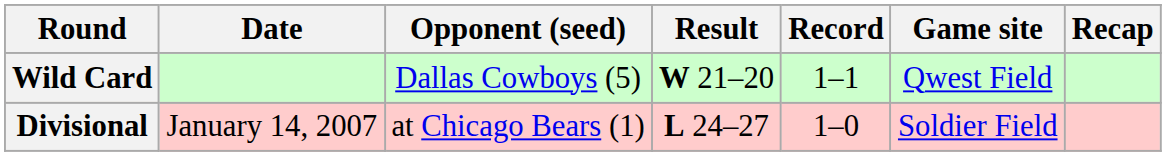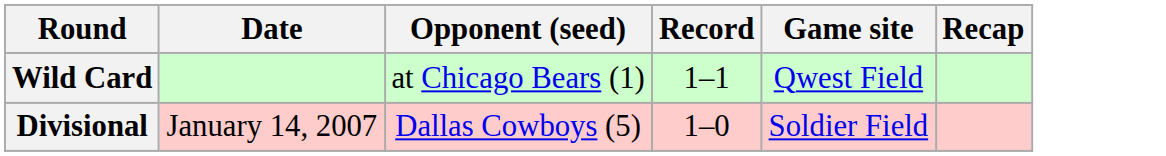 <table class="wikitable" style="text-align:center">
 <tr>
 <th>Round</th>
 <th>Date</th>
 <th>Opponent (seed)</th>
-<th>Result</th>
 <th>Record</th>
 <th>Game site</th>
 <th>Recap</th>
 </tr>
 <tr style="background:#cfc">
 <th>Wild Card</th>
 <td></td>
-<td><a href='#'>Dallas Cowboys</a> (5)</td>
-<td><strong>W</strong> 21–20</td>
+<td>at <a href='#'>Chicago Bears</a> (1)</td>
 <td>1–1</td>
 <td><a href='#'>Qwest Field</a></td>
 <td></td>
 </tr>
 <tr style="background:#fcc">
 <th>Divisional</th>
 <td>January 14, 2007</td>
-<td>at <a href='#'>Chicago Bears</a> (1)</td>
-<td><strong>L</strong> 24–27 </td>
+<td><a href='#'>Dallas Cowboys</a> (5)</td>
 <td>1–0</td>
 <td><a href='#'>Soldier Field</a></td>
 <td></td>
 </tr>
 </table>
